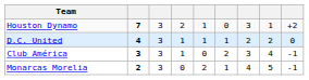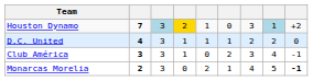 <table class="wikitable" style="text-align: center; font-size: 90%;">
 <tr>
 <th style="width:165px;">Team</th>
 <th width="25"></th>
 <th width="25"></th>
 <th width="25"></th>
 <th width="25"></th>
 <th width="25"></th>
 <th width="25"></th>
 <th width="25"></th>
 <th width="25"></th>
 </tr>
 <tr>
 <td style="text-align:left;"> <a href='#'>Houston Dynamo</a></td>
 <td><strong>7</strong></td>
-<td>3</td>
-<td>2</td>
+<td style="background: lightblue;">3</td>
+<td style="background: gold;">2</td>
 <td>1</td>
 <td>0</td>
 <td>3</td>
-<td>1</td>
+<td style="background: lightblue;">1</td>
 <td>+2</td>
 </tr>
 <tr style="background:#def;">
 <td style="text-align:left;"> <a href='#'>D.C. United</a></td>
 <td><strong>4</strong></td>
 <td>3</td>
 <td>1</td>
 <td>1</td>
 <td>1</td>
 <td>2</td>
 <td>2</td>
 <td>0</td>
 </tr>
 <tr style="background:#fff;">
 <td style="text-align:left;"> <a href='#'>Club América</a></td>
 <td><strong>3</strong></td>
 <td>3</td>
 <td>1</td>
 <td>0</td>
 <td>2</td>
 <td>3</td>
 <td>4</td>
 <td>-1</td>
 </tr>
 <tr style="background:#fff;">
 <td style="text-align:left;"> <a href='#'>Monarcas Morelia</a></td>
 <td><strong>2</strong></td>
 <td>3</td>
 <td>0</td>
 <td>2</td>
 <td>1</td>
 <td>4</td>
 <td>5</td>
-<td>-1</td>
+<td><strong>-1</strong></td>
 </tr>
 </table>
